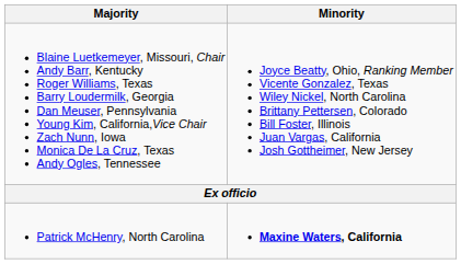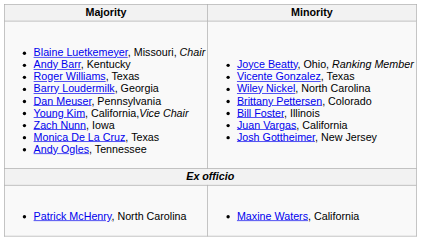 <table class=wikitable>
 <tr>
 <th>Majority</th>
 <th>Minority</th>
 </tr>
 <tr>
 <td><br><ul><li><a href='#'>Blaine Luetkemeyer</a>, Missouri, <em>Chair</em></li><li><a href='#'>Andy Barr</a>, Kentucky</li><li><a href='#'>Roger Williams</a>, Texas</li><li><a href='#'>Barry Loudermilk</a>, Georgia</li><li><a href='#'>Dan Meuser</a>, Pennsylvania</li><li><a href='#'>Young Kim</a>, California,<em>Vice Chair</em></li><li><a href='#'>Zach Nunn</a>, Iowa</li><li><a href='#'>Monica De La Cruz</a>, Texas</li><li><a href='#'>Andy Ogles</a>, Tennessee</li></ul></td>
 <td><br><ul><li><a href='#'>Joyce Beatty</a>, Ohio, <em>Ranking Member</em></li><li><a href='#'>Vicente Gonzalez</a>, Texas</li><li><a href='#'>Wiley Nickel</a>, North Carolina</li><li><a href='#'>Brittany Pettersen</a>, Colorado</li><li><a href='#'>Bill Foster</a>, Illinois</li><li><a href='#'>Juan Vargas</a>, California</li><li><a href='#'>Josh Gottheimer</a>, New Jersey</li></ul></td>
 </tr>
 <tr>
 <th colspan=2><em>Ex officio</em></th>
 </tr>
 <tr>
 <td><br><ul><li><a href='#'>Patrick McHenry</a>, North Carolina</li></ul></td>
-<td><strong><br><ul><li><a href='#'>Maxine Waters</a>, California</li></ul></strong></td>
+<td><br><ul><li><a href='#'>Maxine Waters</a>, California</li></ul></td>
 </tr>
 </table>
